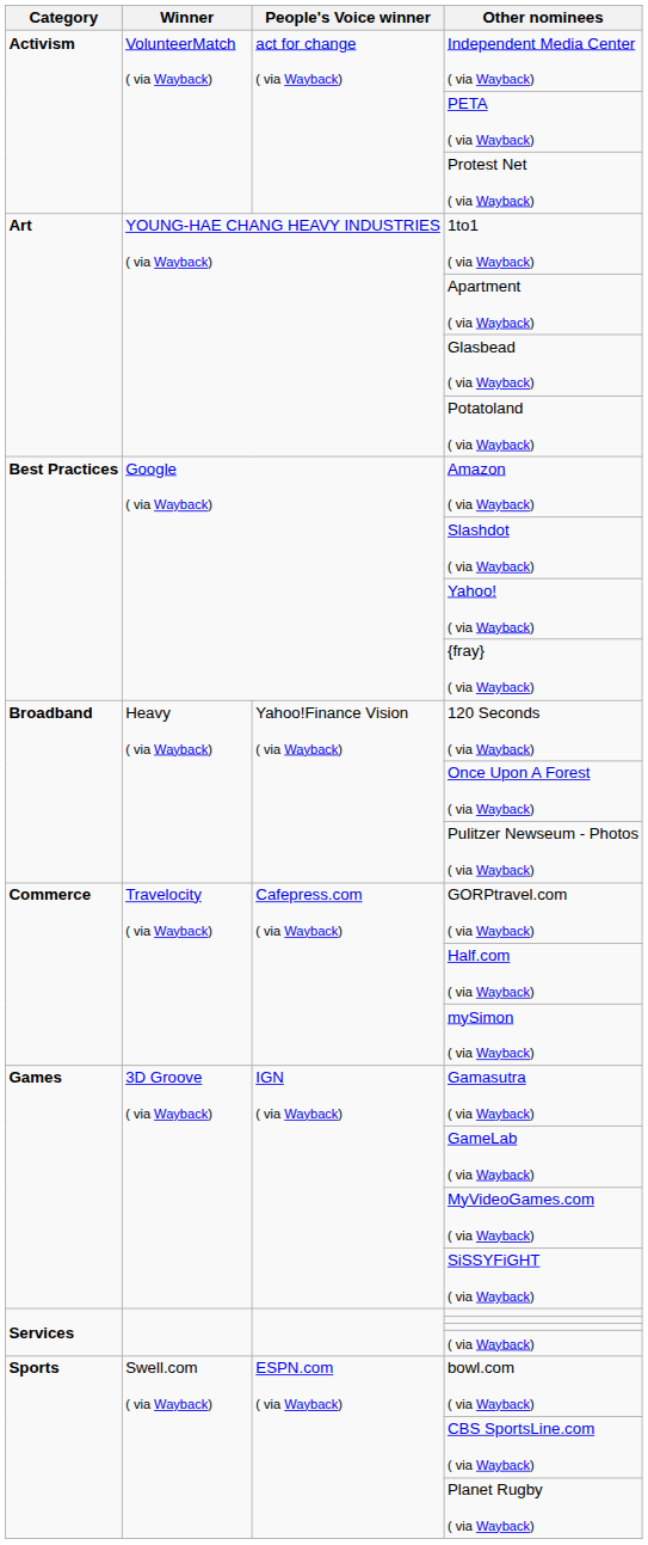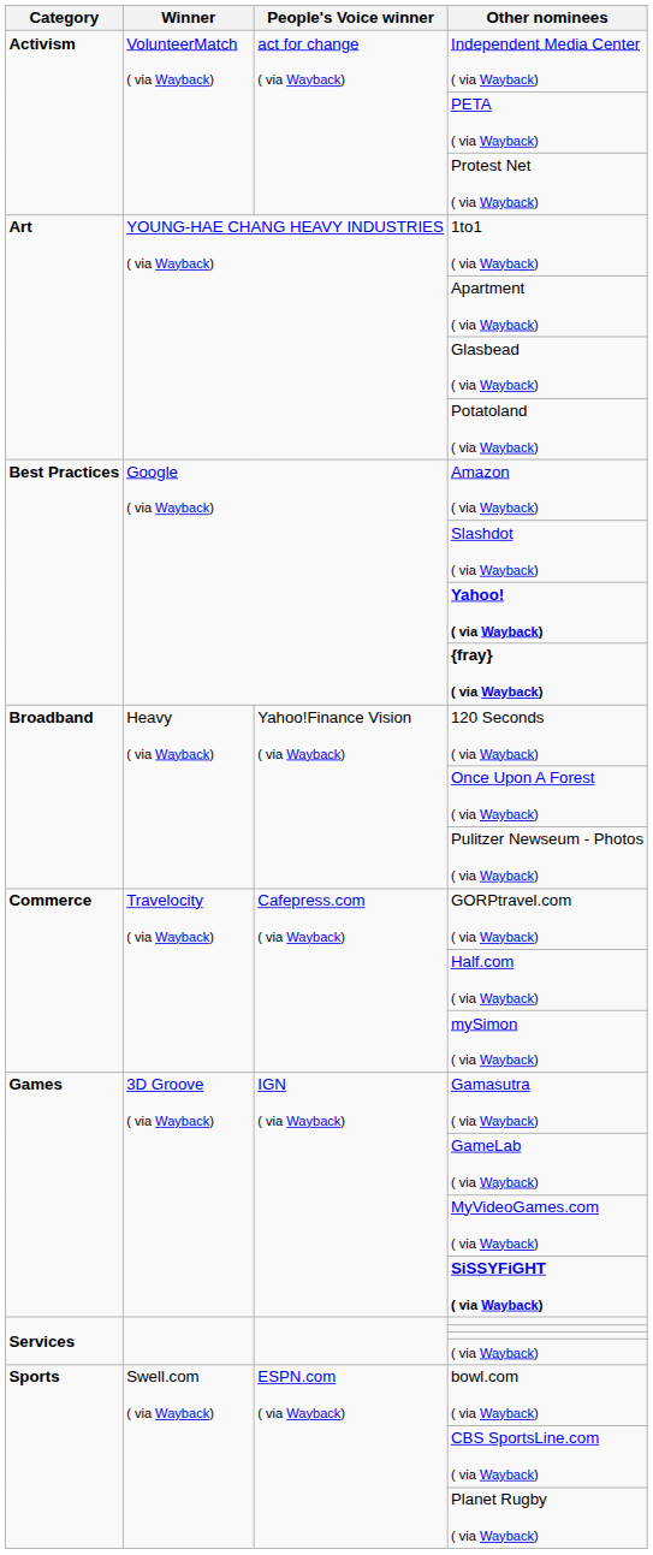 <table class="wikitable">
 <tr>
 <th>Category</th>
 <th>Winner</th>
 <th>People's Voice winner</th>
 <th>Other nominees</th>
 </tr>
 <tr valign="top">
 <td rowspan="3"><strong>Activism</strong></td>
 <td rowspan="3"><a href='#'>VolunteerMatch</a><br><br><small>( via <a href='#'>Wayback</a>)</small></td>
 <td rowspan="3"><a href='#'>act for change</a><br><br><small>( via <a href='#'>Wayback</a>)</small></td>
 <td><a href='#'>Independent Media Center</a><br><br><small>( via <a href='#'>Wayback</a>)</small></td>
 </tr>
 <tr valign="top">
 <td><a href='#'>PETA</a><br><br><small>( via <a href='#'>Wayback</a>)</small></td>
 </tr>
 <tr valign="top">
 <td>Protest Net<br><br><small>( via <a href='#'>Wayback</a>)</small></td>
 </tr>
 <tr valign="top">
 <td rowspan="4"><strong>Art</strong></td>
 <td rowspan="4" colspan="2"><a href='#'>YOUNG-HAE CHANG HEAVY INDUSTRIES</a><br><br><small>( via <a href='#'>Wayback</a>)</small></td>
 <td>1to1<br><br><small>( via <a href='#'>Wayback</a>)</small></td>
 </tr>
 <tr valign="top">
 <td>Apartment<br><br><small>( via <a href='#'>Wayback</a>)</small></td>
 </tr>
 <tr valign="top">
 <td>Glasbead<br><br><small>( via <a href='#'>Wayback</a>)</small></td>
 </tr>
 <tr valign="top">
 <td>Potatoland<br><br><small>( via <a href='#'>Wayback</a>)</small></td>
 </tr>
 <tr valign="top">
 <td rowspan="4"><strong>Best Practices</strong></td>
 <td rowspan="4" colspan="2"><a href='#'>Google</a><br><br><small>( via <a href='#'>Wayback</a>)</small></td>
 <td><a href='#'>Amazon</a><br><br><small>( via <a href='#'>Wayback</a>)</small></td>
 </tr>
 <tr valign="top">
 <td><a href='#'>Slashdot</a><br><br><small>( via <a href='#'>Wayback</a>)</small></td>
 </tr>
 <tr valign="top">
-<td><a href='#'>Yahoo!</a><br><br><small>( via <a href='#'>Wayback</a>)</small></td>
+<td><strong><a href='#'>Yahoo!</a><br><br><small>( via <a href='#'>Wayback</a>)</small></strong></td>
 </tr>
 <tr valign="top">
-<td>{fray}<br><br><small>( via <a href='#'>Wayback</a>)</small></td>
+<td><strong>{fray}<br><br><small>( via <a href='#'>Wayback</a>)</small></strong></td>
 </tr>
 <tr valign="top">
 <td rowspan="3"><strong>Broadband</strong></td>
 <td rowspan="3">Heavy<br><br><small>( via <a href='#'>Wayback</a>)</small></td>
 <td rowspan="3">Yahoo!Finance Vision<br><br><small>( via <a href='#'>Wayback</a>)</small></td>
 <td>120 Seconds<br><br><small>( via <a href='#'>Wayback</a>)</small></td>
 </tr>
 <tr valign="top">
 <td><a href='#'>Once Upon A Forest</a><br><br><small>( via <a href='#'>Wayback</a>)</small></td>
 </tr>
 <tr valign="top">
 <td>Pulitzer Newseum - Photos<br><br><small>( via <a href='#'>Wayback</a>)</small></td>
 </tr>
 <tr valign="top">
 <td rowspan="3"><strong>Commerce</strong></td>
 <td rowspan="3"><a href='#'>Travelocity</a><br><br><small>( via <a href='#'>Wayback</a>)</small></td>
 <td rowspan="3"><a href='#'>Cafepress.com</a><br><br><small>( via <a href='#'>Wayback</a>)</small></td>
 <td>GORPtravel.com<br><br><small>( via <a href='#'>Wayback</a>)</small></td>
 </tr>
 <tr valign="top">
 <td><a href='#'>Half.com</a><br><br><small>( via <a href='#'>Wayback</a>)</small></td>
 </tr>
 <tr valign="top">
 <td><a href='#'>mySimon</a><br><br><small>( via <a href='#'>Wayback</a>)</small></td>
 </tr>
 <tr valign="top">
 <td rowspan="4"><strong>Games</strong></td>
 <td rowspan="4"><a href='#'>3D Groove</a><br><br><small>( via <a href='#'>Wayback</a>)</small></td>
 <td rowspan="4"><a href='#'>IGN</a><br><br><small>( via <a href='#'>Wayback</a>)</small></td>
 <td><a href='#'>Gamasutra</a><br><br><small>( via <a href='#'>Wayback</a>)</small></td>
 </tr>
 <tr valign="top">
 <td><a href='#'>GameLab</a><br><br><small>( via <a href='#'>Wayback</a>)</small></td>
 </tr>
 <tr valign="top">
 <td><a href='#'>MyVideoGames.com</a><br><br><small>( via <a href='#'>Wayback</a>)</small></td>
 </tr>
 <tr valign="top">
-<td><a href='#'>SiSSYFiGHT</a><br><br><small>( via <a href='#'>Wayback</a>)</small></td>
+<td><strong><a href='#'>SiSSYFiGHT</a><br><br><small>( via <a href='#'>Wayback</a>)</small></strong></td>
 </tr>
 <tr>
 <td rowspan="4"><strong>Services</strong></td>
 <td rowspan="4"></td>
 <td rowspan="4"></td>
 <td></td>
 </tr>
 <tr>
 <td></td>
 </tr>
 <tr>
 <td></td>
 </tr>
 <tr>
 <td><small>( via <a href='#'>Wayback</a>)</small></td>
 </tr>
 <tr valign="top">
 <td rowspan="3"><strong>Sports</strong></td>
 <td rowspan="3">Swell.com<br><br><small>( via <a href='#'>Wayback</a>)</small></td>
 <td rowspan="3"><a href='#'>ESPN.com</a><br><br><small>( via <a href='#'>Wayback</a>)</small></td>
 <td>bowl.com<br><br><small>( via <a href='#'>Wayback</a>)</small></td>
 </tr>
 <tr valign="top">
 <td><a href='#'>CBS SportsLine.com</a><br><br><small>( via <a href='#'>Wayback</a>)</small></td>
 </tr>
 <tr valign="top">
 <td>Planet Rugby<br><br><small>( via <a href='#'>Wayback</a>)</small></td>
 </tr>
 </table>
